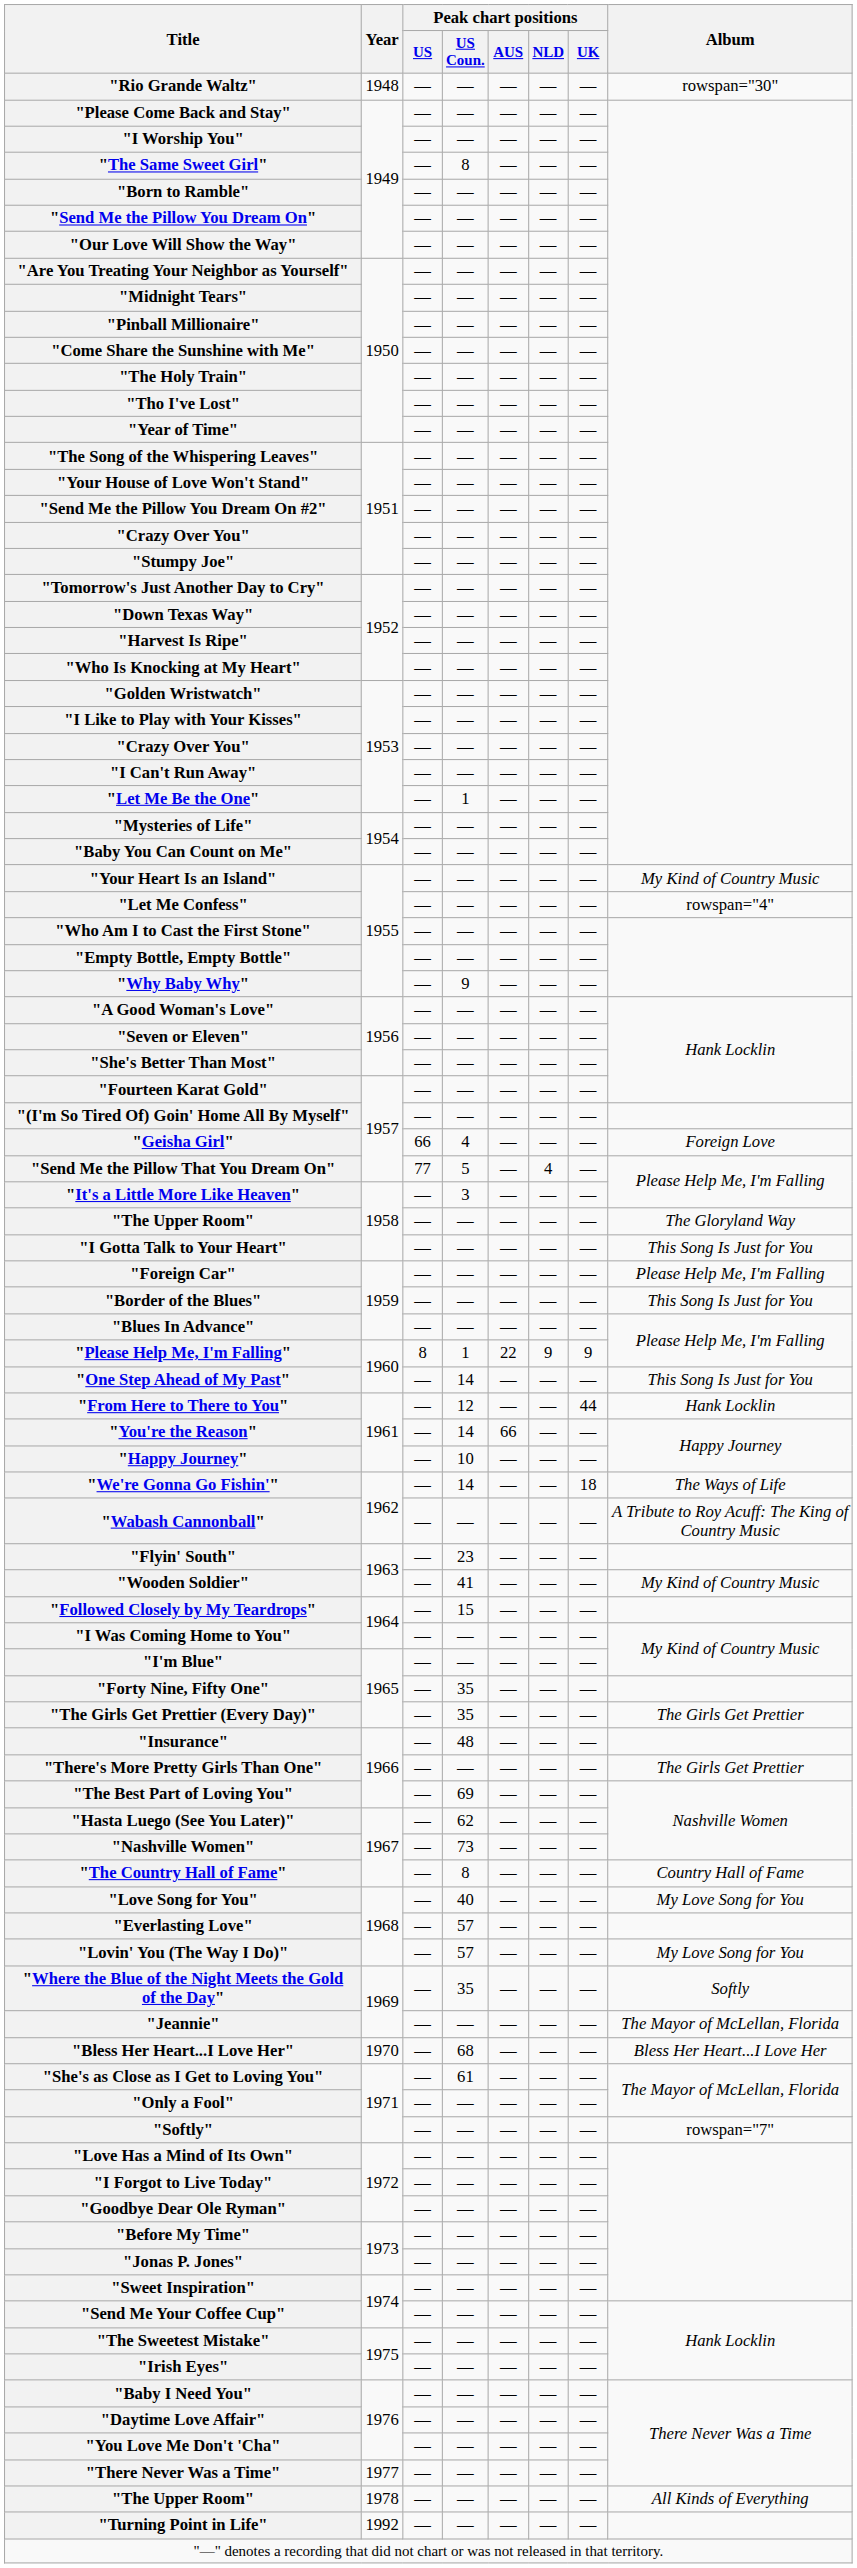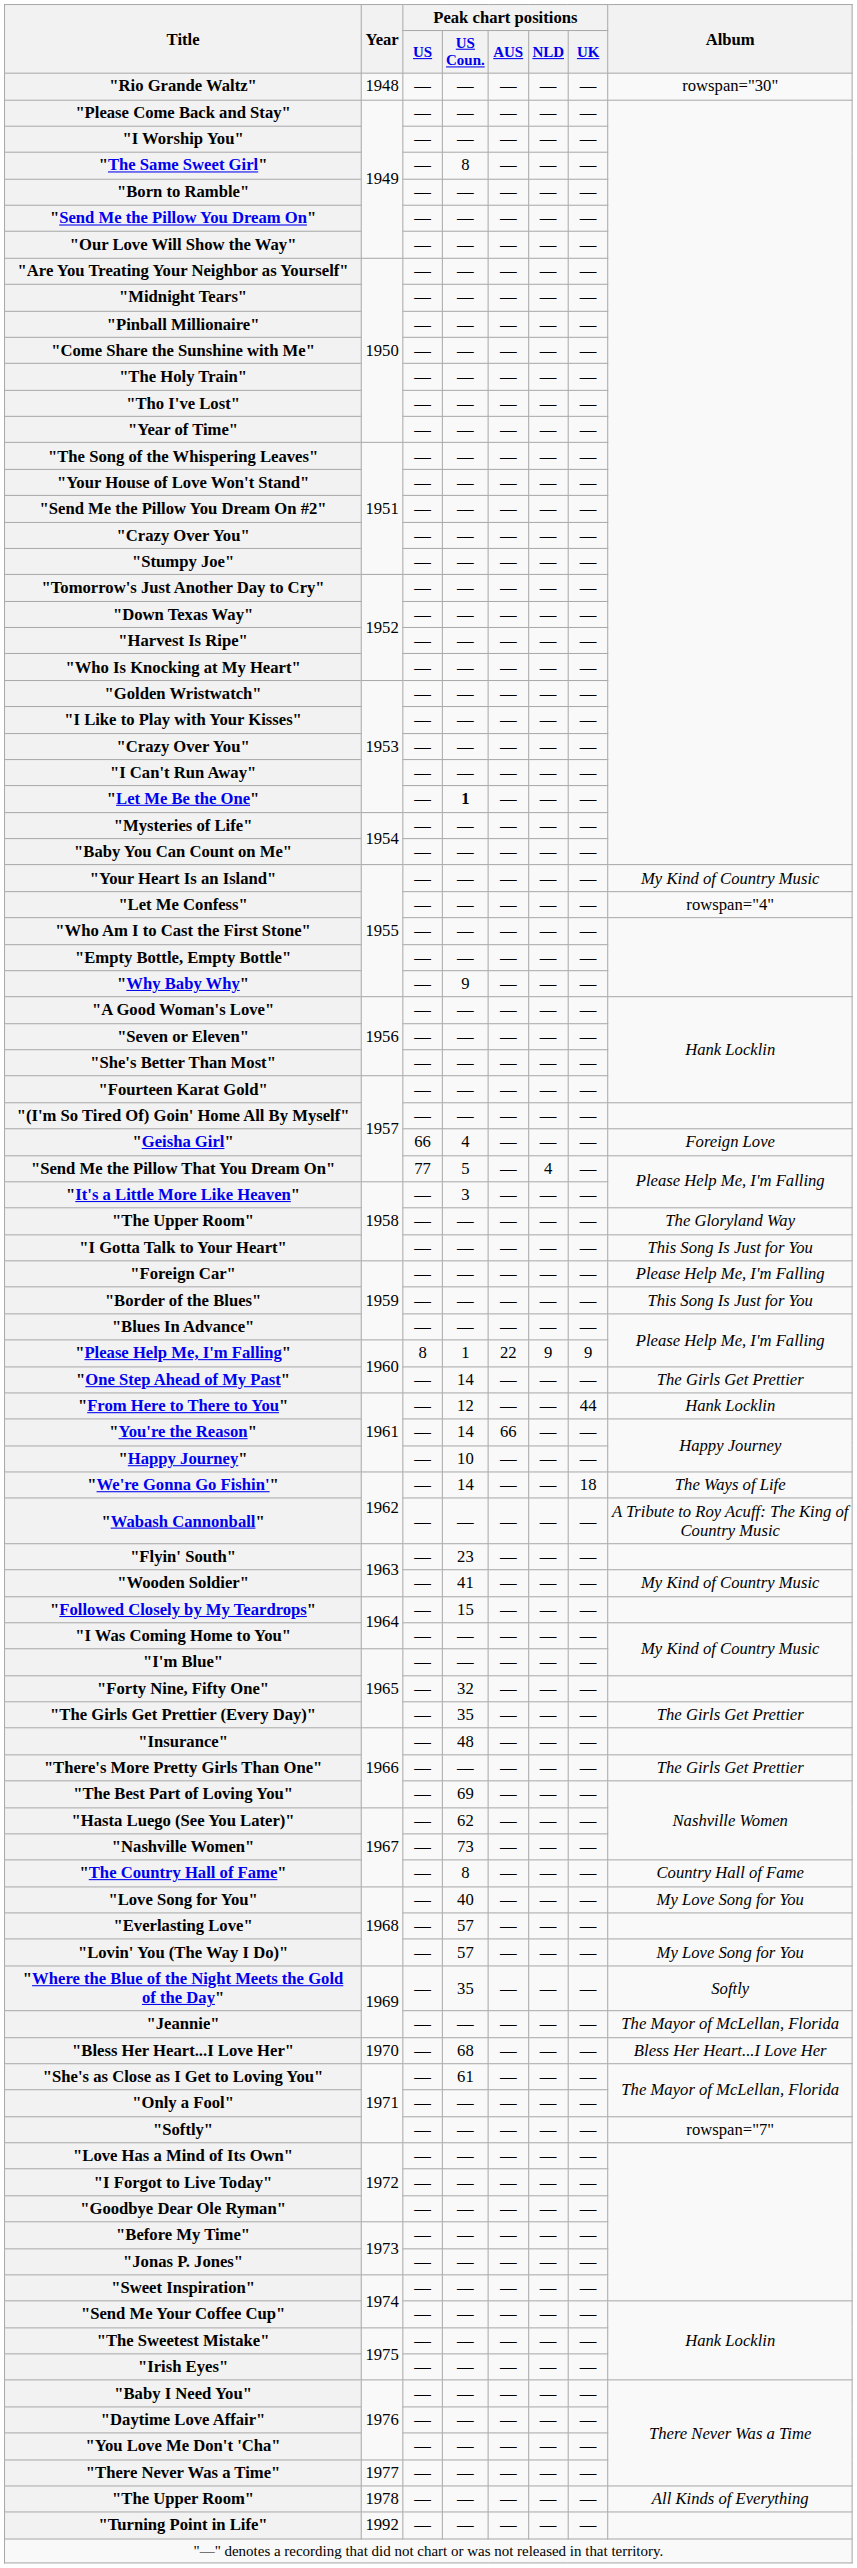 <table class="wikitable plainrowheaders" style="text-align:center;" border="1">
 <tr>
 <th scope="col" rowspan="2" style="width:21em;">Title</th>
 <th scope="col" rowspan="2">Year</th>
 <th scope="col" colspan="5">Peak chart positions</th>
 <th scope="col" rowspan="2">Album</th>
 </tr>
 <tr>
 <th scope="col" style="width:2.2em;font-size:90%;"><a href='#'>US</a><br></th>
 <th scope="col" style="width:2.5em;font-size:90%;"><a href='#'>US<br>Coun.</a><br></th>
 <th scope="col" style="width:2.2em;font-size:90%;"><a href='#'>AUS</a><br></th>
 <th scope="col" style="width:2.2em;font-size:90%;"><a href='#'>NLD</a><br></th>
 <th scope="col" style="width:2.2em;font-size:90%;"><a href='#'>UK</a><br></th>
 </tr>
 <tr>
 <th scope="row">"Rio Grande Waltz"</th>
 <td>1948</td>
 <td>—</td>
 <td>—</td>
 <td>—</td>
 <td>—</td>
 <td>—</td>
 <td>rowspan="30" </td>
 </tr>
 <tr>
 <th scope="row">"Please Come Back and Stay"</th>
 <td rowspan="6">1949</td>
 <td>—</td>
 <td>—</td>
 <td>—</td>
 <td>—</td>
 <td>—</td>
 </tr>
 <tr>
 <th scope="row">"I Worship You"</th>
 <td>—</td>
 <td>—</td>
 <td>—</td>
 <td>—</td>
 <td>—</td>
 </tr>
 <tr>
 <th scope="row">"<a href='#'>The Same Sweet Girl</a>"</th>
 <td>—</td>
 <td>8</td>
 <td>—</td>
 <td>—</td>
 <td>—</td>
 </tr>
 <tr>
 <th scope="row">"Born to Ramble"</th>
 <td>—</td>
 <td>—</td>
 <td>—</td>
 <td>—</td>
 <td>—</td>
 </tr>
 <tr>
 <th scope="row">"<a href='#'>Send Me the Pillow You Dream On</a>"</th>
 <td>—</td>
 <td>—</td>
 <td>—</td>
 <td>—</td>
 <td>—</td>
 </tr>
 <tr>
 <th scope="row">"Our Love Will Show the Way"</th>
 <td>—</td>
 <td>—</td>
 <td>—</td>
 <td>—</td>
 <td>—</td>
 </tr>
 <tr>
 <th scope="row">"Are You Treating Your Neighbor as Yourself"</th>
 <td rowspan="7">1950</td>
 <td>—</td>
 <td>—</td>
 <td>—</td>
 <td>—</td>
 <td>—</td>
 </tr>
 <tr>
 <th scope="row">"Midnight Tears"</th>
 <td>—</td>
 <td>—</td>
 <td>—</td>
 <td>—</td>
 <td>—</td>
 </tr>
 <tr>
 <th scope="row">"Pinball Millionaire"</th>
 <td>—</td>
 <td>—</td>
 <td>—</td>
 <td>—</td>
 <td>—</td>
 </tr>
 <tr>
 <th scope="row">"Come Share the Sunshine with Me"</th>
 <td>—</td>
 <td>—</td>
 <td>—</td>
 <td>—</td>
 <td>—</td>
 </tr>
 <tr>
 <th scope="row">"The Holy Train"</th>
 <td>—</td>
 <td>—</td>
 <td>—</td>
 <td>—</td>
 <td>—</td>
 </tr>
 <tr>
 <th scope="row">"Tho I've Lost"</th>
 <td>—</td>
 <td>—</td>
 <td>—</td>
 <td>—</td>
 <td>—</td>
 </tr>
 <tr>
 <th scope="row">"Year of Time"</th>
 <td>—</td>
 <td>—</td>
 <td>—</td>
 <td>—</td>
 <td>—</td>
 </tr>
 <tr>
 <th scope="row">"The Song of the Whispering Leaves"</th>
 <td rowspan="5">1951</td>
 <td>—</td>
 <td>—</td>
 <td>—</td>
 <td>—</td>
 <td>—</td>
 </tr>
 <tr>
 <th scope="row">"Your House of Love Won't Stand"</th>
 <td>—</td>
 <td>—</td>
 <td>—</td>
 <td>—</td>
 <td>—</td>
 </tr>
 <tr>
 <th scope="row">"Send Me the Pillow You Dream On #2"</th>
 <td>—</td>
 <td>—</td>
 <td>—</td>
 <td>—</td>
 <td>—</td>
 </tr>
 <tr>
 <th scope="row">"Crazy Over You"</th>
 <td>—</td>
 <td>—</td>
 <td>—</td>
 <td>—</td>
 <td>—</td>
 </tr>
 <tr>
 <th scope="row">"Stumpy Joe"</th>
 <td>—</td>
 <td>—</td>
 <td>—</td>
 <td>—</td>
 <td>—</td>
 </tr>
 <tr>
 <th scope="row">"Tomorrow's Just Another Day to Cry"</th>
 <td rowspan="4">1952</td>
 <td>—</td>
 <td>—</td>
 <td>—</td>
 <td>—</td>
 <td>—</td>
 </tr>
 <tr>
 <th scope="row">"Down Texas Way"</th>
 <td>—</td>
 <td>—</td>
 <td>—</td>
 <td>—</td>
 <td>—</td>
 </tr>
 <tr>
 <th scope="row">"Harvest Is Ripe"</th>
 <td>—</td>
 <td>—</td>
 <td>—</td>
 <td>—</td>
 <td>—</td>
 </tr>
 <tr>
 <th scope="row">"Who Is Knocking at My Heart"</th>
 <td>—</td>
 <td>—</td>
 <td>—</td>
 <td>—</td>
 <td>—</td>
 </tr>
 <tr>
 <th scope="row">"Golden Wristwatch"</th>
 <td rowspan="5">1953</td>
 <td>—</td>
 <td>—</td>
 <td>—</td>
 <td>—</td>
 <td>—</td>
 </tr>
 <tr>
 <th scope="row">"I Like to Play with Your Kisses"</th>
 <td>—</td>
 <td>—</td>
 <td>—</td>
 <td>—</td>
 <td>—</td>
 </tr>
 <tr>
 <th scope="row">"Crazy Over You"</th>
 <td>—</td>
 <td>—</td>
 <td>—</td>
 <td>—</td>
 <td>—</td>
 </tr>
 <tr>
 <th scope="row">"I Can't Run Away"</th>
 <td>—</td>
 <td>—</td>
 <td>—</td>
 <td>—</td>
 <td>—</td>
 </tr>
 <tr>
 <th scope="row">"<a href='#'>Let Me Be the One</a>"</th>
 <td>—</td>
-<td>1</td>
+<td><strong>1</strong></td>
 <td>—</td>
 <td>—</td>
 <td>—</td>
 </tr>
 <tr>
 <th scope="row">"Mysteries of Life"</th>
 <td rowspan="2">1954</td>
 <td>—</td>
 <td>—</td>
 <td>—</td>
 <td>—</td>
 <td>—</td>
 </tr>
 <tr>
 <th scope="row">"Baby You Can Count on Me"</th>
 <td>—</td>
 <td>—</td>
 <td>—</td>
 <td>—</td>
 <td>—</td>
 </tr>
 <tr>
 <th scope="row">"Your Heart Is an Island"</th>
 <td rowspan="5">1955</td>
 <td>—</td>
 <td>—</td>
 <td>—</td>
 <td>—</td>
 <td>—</td>
 <td><em>My Kind of Country Music</em></td>
 </tr>
 <tr>
 <th scope="row">"Let Me Confess"</th>
 <td>—</td>
 <td>—</td>
 <td>—</td>
 <td>—</td>
 <td>—</td>
 <td>rowspan="4" </td>
 </tr>
 <tr>
 <th scope="row">"Who Am I to Cast the First Stone"</th>
 <td>—</td>
 <td>—</td>
 <td>—</td>
 <td>—</td>
 <td>—</td>
 </tr>
 <tr>
 <th scope="row">"Empty Bottle, Empty Bottle"</th>
 <td>—</td>
 <td>—</td>
 <td>—</td>
 <td>—</td>
 <td>—</td>
 </tr>
 <tr>
 <th scope="row">"<a href='#'>Why Baby Why</a>"</th>
 <td>—</td>
 <td>9</td>
 <td>—</td>
 <td>—</td>
 <td>—</td>
 </tr>
 <tr>
 <th scope="row">"A Good Woman's Love"</th>
 <td rowspan="3">1956</td>
 <td>—</td>
 <td>—</td>
 <td>—</td>
 <td>—</td>
 <td>—</td>
 <td rowspan="4"><em>Hank Locklin</em> </td>
 </tr>
 <tr>
 <th scope="row">"Seven or Eleven"</th>
 <td>—</td>
 <td>—</td>
 <td>—</td>
 <td>—</td>
 <td>—</td>
 </tr>
 <tr>
 <th scope="row">"She's Better Than Most"</th>
 <td>—</td>
 <td>—</td>
 <td>—</td>
 <td>—</td>
 <td>—</td>
 </tr>
 <tr>
 <th scope="row">"Fourteen Karat Gold"</th>
 <td rowspan="4">1957</td>
 <td>—</td>
 <td>—</td>
 <td>—</td>
 <td>—</td>
 <td>—</td>
 </tr>
 <tr>
 <th scope="row">"(I'm So Tired Of) Goin' Home All By Myself"</th>
 <td>—</td>
 <td>—</td>
 <td>—</td>
 <td>—</td>
 <td>—</td>
 <td></td>
 </tr>
 <tr>
 <th scope="row">"<a href='#'>Geisha Girl</a>"</th>
 <td>66</td>
 <td>4</td>
 <td>—</td>
 <td>—</td>
 <td>—</td>
 <td><em>Foreign Love</em></td>
 </tr>
 <tr>
 <th scope="row">"Send Me the Pillow That You Dream On" </th>
 <td>77</td>
 <td>5</td>
 <td>—</td>
 <td>4</td>
 <td>—</td>
 <td rowspan="2"><em>Please Help Me, I'm Falling</em></td>
 </tr>
 <tr>
 <th scope="row">"<a href='#'>It's a Little More Like Heaven</a>"</th>
 <td rowspan="3">1958</td>
 <td>—</td>
 <td>3</td>
 <td>—</td>
 <td>—</td>
 <td>—</td>
 </tr>
 <tr>
 <th scope="row">"The Upper Room"</th>
 <td>—</td>
 <td>—</td>
 <td>—</td>
 <td>—</td>
 <td>—</td>
 <td><em>The Gloryland Way</em></td>
 </tr>
 <tr>
 <th scope="row">"I Gotta Talk to Your Heart"</th>
 <td>—</td>
 <td>—</td>
 <td>—</td>
 <td>—</td>
 <td>—</td>
 <td><em>This Song Is Just for You</em></td>
 </tr>
 <tr>
 <th scope="row">"Foreign Car"</th>
 <td rowspan="3">1959</td>
 <td>—</td>
 <td>—</td>
 <td>—</td>
 <td>—</td>
 <td>—</td>
 <td><em>Please Help Me, I'm Falling</em></td>
 </tr>
 <tr>
 <th scope="row">"Border of the Blues"</th>
 <td>—</td>
 <td>—</td>
 <td>—</td>
 <td>—</td>
 <td>—</td>
 <td><em>This Song Is Just for You</em></td>
 </tr>
 <tr>
 <th scope="row">"Blues In Advance"</th>
 <td>—</td>
 <td>—</td>
 <td>—</td>
 <td>—</td>
 <td>—</td>
 <td rowspan="2"><em>Please Help Me, I'm Falling</em></td>
 </tr>
 <tr>
 <th scope="row">"<a href='#'>Please Help Me, I'm Falling</a>"</th>
 <td rowspan="2">1960</td>
 <td>8</td>
 <td>1</td>
 <td>22</td>
 <td>9</td>
 <td>9</td>
 </tr>
 <tr>
 <th scope="row">"<a href='#'>One Step Ahead of My Past</a>"</th>
 <td>—</td>
 <td>14</td>
 <td>—</td>
 <td>—</td>
 <td>—</td>
-<td><em>This Song Is Just for You</em></td>
+<td><em>The Girls Get Prettier</em></td>
 </tr>
 <tr>
 <th scope="row">"<a href='#'>From Here to There to You</a>"</th>
 <td rowspan="3">1961</td>
 <td>—</td>
 <td>12</td>
 <td>—</td>
 <td>—</td>
 <td>44</td>
 <td><em>Hank Locklin</em> </td>
 </tr>
 <tr>
 <th scope="row">"<a href='#'>You're the Reason</a>"</th>
 <td>—</td>
 <td>14</td>
 <td>66</td>
 <td>—</td>
 <td>—</td>
 <td rowspan="2"><em>Happy Journey</em></td>
 </tr>
 <tr>
 <th scope="row">"<a href='#'>Happy Journey</a>"</th>
 <td>—</td>
 <td>10</td>
 <td>—</td>
 <td>—</td>
 <td>—</td>
 </tr>
 <tr>
 <th scope="row">"<a href='#'>We're Gonna Go Fishin'</a>"</th>
 <td rowspan="2">1962</td>
 <td>—</td>
 <td>14</td>
 <td>—</td>
 <td>—</td>
 <td>18</td>
 <td><em>The Ways of Life</em></td>
 </tr>
 <tr>
 <th scope="row">"<a href='#'>Wabash Cannonball</a>"</th>
 <td>—</td>
 <td>—</td>
 <td>—</td>
 <td>—</td>
 <td>—</td>
 <td><em>A Tribute to Roy Acuff: The King of<br>Country Music</em></td>
 </tr>
 <tr>
 <th scope="row">"Flyin' South"</th>
 <td rowspan="2">1963</td>
 <td>—</td>
 <td>23</td>
 <td>—</td>
 <td>—</td>
 <td>—</td>
 <td></td>
 </tr>
 <tr>
 <th scope="row">"Wooden Soldier"</th>
 <td>—</td>
 <td>41</td>
 <td>—</td>
 <td>—</td>
 <td>—</td>
 <td><em>My Kind of Country Music</em></td>
 </tr>
 <tr>
 <th scope="row">"<a href='#'>Followed Closely by My Teardrops</a>"</th>
 <td rowspan="2">1964</td>
 <td>—</td>
 <td>15</td>
 <td>—</td>
 <td>—</td>
 <td>—</td>
 <td></td>
 </tr>
 <tr>
 <th scope="row">"I Was Coming Home to You"</th>
 <td>—</td>
 <td>—</td>
 <td>—</td>
 <td>—</td>
 <td>—</td>
 <td rowspan="2"><em>My Kind of Country Music</em></td>
 </tr>
 <tr>
 <th scope="row">"I'm Blue"</th>
 <td rowspan="3">1965</td>
 <td>—</td>
 <td>—</td>
 <td>—</td>
 <td>—</td>
 <td>—</td>
 </tr>
 <tr>
 <th scope="row">"Forty Nine, Fifty One"</th>
 <td>—</td>
-<td>35</td>
+<td>32</td>
 <td>—</td>
 <td>—</td>
 <td>—</td>
 <td></td>
 </tr>
 <tr>
 <th scope="row">"The Girls Get Prettier (Every Day)"</th>
 <td>—</td>
 <td>35</td>
 <td>—</td>
 <td>—</td>
 <td>—</td>
 <td><em>The Girls Get Prettier</em></td>
 </tr>
 <tr>
 <th scope="row">"Insurance"</th>
 <td rowspan="3">1966</td>
 <td>—</td>
 <td>48</td>
 <td>—</td>
 <td>—</td>
 <td>—</td>
 <td></td>
 </tr>
 <tr>
 <th scope="row">"There's More Pretty Girls Than One"</th>
 <td>—</td>
 <td>—</td>
 <td>—</td>
 <td>—</td>
 <td>—</td>
 <td><em>The Girls Get Prettier</em></td>
 </tr>
 <tr>
 <th scope="row">"The Best Part of Loving You"</th>
 <td>—</td>
 <td>69</td>
 <td>—</td>
 <td>—</td>
 <td>—</td>
 <td rowspan="3"><em>Nashville Women</em></td>
 </tr>
 <tr>
 <th scope="row">"Hasta Luego (See You Later)"</th>
 <td rowspan="3">1967</td>
 <td>—</td>
 <td>62</td>
 <td>—</td>
 <td>—</td>
 <td>—</td>
 </tr>
 <tr>
 <th scope="row">"Nashville Women"</th>
 <td>—</td>
 <td>73</td>
 <td>—</td>
 <td>—</td>
 <td>—</td>
 </tr>
 <tr>
 <th scope="row">"<a href='#'>The Country Hall of Fame</a>"</th>
 <td>—</td>
 <td>8</td>
 <td>—</td>
 <td>—</td>
 <td>—</td>
 <td><em>Country Hall of Fame</em> </td>
 </tr>
 <tr>
 <th scope="row">"Love Song for You"</th>
 <td rowspan="3">1968</td>
 <td>—</td>
 <td>40</td>
 <td>—</td>
 <td>—</td>
 <td>—</td>
 <td><em>My Love Song for You</em></td>
 </tr>
 <tr>
 <th scope="row">"Everlasting Love"</th>
 <td>—</td>
 <td>57</td>
 <td>—</td>
 <td>—</td>
 <td>—</td>
 <td></td>
 </tr>
 <tr>
 <th scope="row">"Lovin' You (The Way I Do)"</th>
 <td>—</td>
 <td>57</td>
 <td>—</td>
 <td>—</td>
 <td>—</td>
 <td><em>My Love Song for You</em></td>
 </tr>
 <tr>
 <th scope="row">"<a href='#'>Where the Blue of the Night Meets the Gold<br>of the Day</a>"</th>
 <td rowspan="2">1969</td>
 <td>—</td>
 <td>35</td>
 <td>—</td>
 <td>—</td>
 <td>—</td>
 <td><em>Softly</em></td>
 </tr>
 <tr>
 <th scope="row">"Jeannie"</th>
 <td>—</td>
 <td>—</td>
 <td>—</td>
 <td>—</td>
 <td>—</td>
 <td><em>The Mayor of McLellan, Florida</em></td>
 </tr>
 <tr>
 <th scope="row">"Bless Her Heart...I Love Her"</th>
 <td>1970</td>
 <td>—</td>
 <td>68</td>
 <td>—</td>
 <td>—</td>
 <td>—</td>
 <td><em>Bless Her Heart...I Love Her</em></td>
 </tr>
 <tr>
 <th scope="row">"She's as Close as I Get to Loving You"</th>
 <td rowspan="3">1971</td>
 <td>—</td>
 <td>61</td>
 <td>—</td>
 <td>—</td>
 <td>—</td>
 <td rowspan="2"><em>The Mayor of McLellan, Florida</em></td>
 </tr>
 <tr>
 <th scope="row">"Only a Fool"</th>
 <td>—</td>
 <td>—</td>
 <td>—</td>
 <td>—</td>
 <td>—</td>
 </tr>
 <tr>
 <th scope="row">"Softly"</th>
 <td>—</td>
 <td>—</td>
 <td>—</td>
 <td>—</td>
 <td>—</td>
 <td>rowspan="7" </td>
 </tr>
 <tr>
 <th scope="row">"Love Has a Mind of Its Own"</th>
 <td rowspan="3">1972</td>
 <td>—</td>
 <td>—</td>
 <td>—</td>
 <td>—</td>
 <td>—</td>
 </tr>
 <tr>
 <th scope="row">"I Forgot to Live Today"</th>
 <td>—</td>
 <td>—</td>
 <td>—</td>
 <td>—</td>
 <td>—</td>
 </tr>
 <tr>
 <th scope="row">"Goodbye Dear Ole Ryman"</th>
 <td>—</td>
 <td>—</td>
 <td>—</td>
 <td>—</td>
 <td>—</td>
 </tr>
 <tr>
 <th scope="row">"Before My Time"</th>
 <td rowspan="2">1973</td>
 <td>—</td>
 <td>—</td>
 <td>—</td>
 <td>—</td>
 <td>—</td>
 </tr>
 <tr>
 <th scope="row">"Jonas P. Jones"</th>
 <td>—</td>
 <td>—</td>
 <td>—</td>
 <td>—</td>
 <td>—</td>
 </tr>
 <tr>
 <th scope="row">"Sweet Inspiration"</th>
 <td rowspan="2">1974</td>
 <td>—</td>
 <td>—</td>
 <td>—</td>
 <td>—</td>
 <td>—</td>
 </tr>
 <tr>
 <th scope="row">"Send Me Your Coffee Cup"</th>
 <td>—</td>
 <td>—</td>
 <td>—</td>
 <td>—</td>
 <td>—</td>
 <td rowspan="3"><em>Hank Locklin</em> </td>
 </tr>
 <tr>
 <th scope="row">"The Sweetest Mistake"</th>
 <td rowspan="2">1975</td>
 <td>—</td>
 <td>—</td>
 <td>—</td>
 <td>—</td>
 <td>—</td>
 </tr>
 <tr>
 <th scope="row">"Irish Eyes"</th>
 <td>—</td>
 <td>—</td>
 <td>—</td>
 <td>—</td>
 <td>—</td>
 </tr>
 <tr>
 <th scope="row">"Baby I Need You"</th>
 <td rowspan="3">1976</td>
 <td>—</td>
 <td>—</td>
 <td>—</td>
 <td>—</td>
 <td>—</td>
 <td rowspan="4"><em>There Never Was a Time</em></td>
 </tr>
 <tr>
 <th scope="row">"Daytime Love Affair"</th>
 <td>—</td>
 <td>—</td>
 <td>—</td>
 <td>—</td>
 <td>—</td>
 </tr>
 <tr>
 <th scope="row">"You Love Me Don't 'Cha"</th>
 <td>—</td>
 <td>—</td>
 <td>—</td>
 <td>—</td>
 <td>—</td>
 </tr>
 <tr>
 <th scope="row">"There Never Was a Time"</th>
 <td>1977</td>
 <td>—</td>
 <td>—</td>
 <td>—</td>
 <td>—</td>
 <td>—</td>
 </tr>
 <tr>
 <th scope="row">"The Upper Room"</th>
 <td>1978</td>
 <td>—</td>
 <td>—</td>
 <td>—</td>
 <td>—</td>
 <td>—</td>
 <td><em>All Kinds of Everything</em></td>
 </tr>
 <tr>
 <th scope="row">"Turning Point in Life"</th>
 <td>1992</td>
 <td>—</td>
 <td>—</td>
 <td>—</td>
 <td>—</td>
 <td>—</td>
 <td></td>
 </tr>
 <tr>
 <td colspan="8" style="font-size:90%">"—" denotes a recording that did not chart or was not released in that territory.</td>
 </tr>
 </table>
